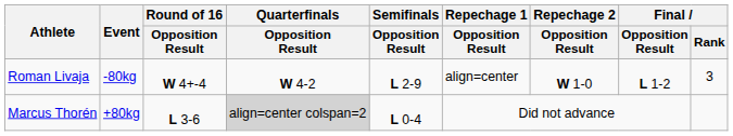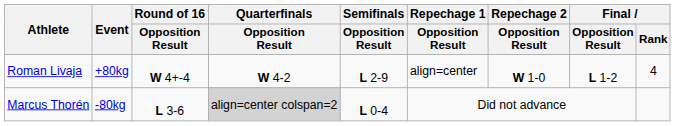 <table class="wikitable" style="font-size:90%;">
 <tr>
 <th rowspan=2>Athlete</th>
 <th rowspan=2>Event</th>
 <th>Round of 16</th>
 <th>Quarterfinals</th>
 <th>Semifinals</th>
 <th>Repechage 1</th>
 <th>Repechage 2</th>
 <th colspan=2>Final / </th>
 </tr>
 <tr style="font-size:95%">
 <th>Opposition<br>Result</th>
 <th>Opposition<br>Result</th>
 <th>Opposition<br>Result</th>
 <th>Opposition<br>Result</th>
 <th>Opposition<br>Result</th>
 <th>Opposition<br>Result</th>
 <th>Rank</th>
 </tr>
 <tr>
 <td align=left><a href='#'>Roman Livaja</a></td>
-<td align=left><a href='#'>-80kg</a></td>
+<td align=left><a href='#'>+80kg</a></td>
 <td align=center><br><strong>W</strong> 4+-4</td>
 <td align=center><br><strong>W</strong> 4-2</td>
 <td align=center><br><strong>L</strong> 2-9</td>
 <td>align=center </td>
 <td align=center><br><strong>W</strong> 1-0</td>
 <td align=center><br><strong>L</strong> 1-2</td>
-<td align=center>3</td>
+<td align=center>4</td>
 </tr>
 <tr>
 <td align=left><a href='#'>Marcus Thorén</a></td>
-<td align=left><a href='#'>+80kg</a></td>
+<td align=left><a href='#'>-80kg</a></td>
 <td align=center><br><strong>L</strong> 3-6</td>
 <td style="background: lightgrey;">align=center colspan=2 </td>
 <td align=center><br><strong>L</strong> 0-4</td>
 <td align=center colspan=3>Did not advance</td>
 </tr>
 </table>
